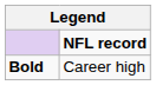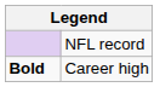 <table class="wikitable mw-collapsible mw-collapsed">
 <tr>
 <th colspan="2">Legend</th>
 </tr>
 <tr>
 <td style="background:#e0cef2; width:3em"></td>
-<td><strong>NFL record</strong></td>
+<td>NFL record</td>
 </tr>
 <tr>
 <td><strong>Bold</strong></td>
 <td>Career high</td>
 </tr>
 </table>
